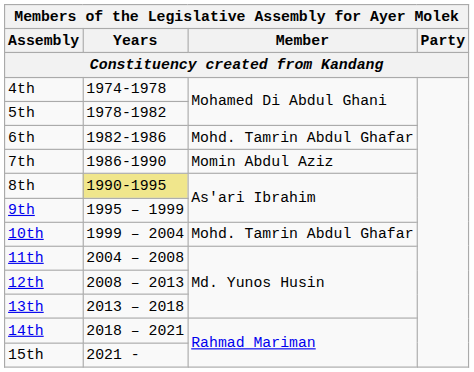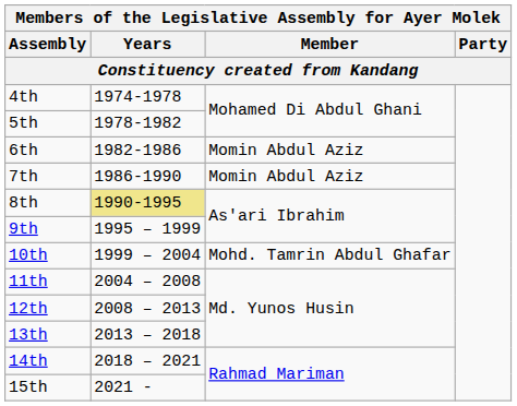 <table class="wikitable">
 <tr>
 <th colspan="4">Members of the Legislative Assembly for Ayer Molek</th>
 </tr>
 <tr>
 <th>Assembly</th>
 <th>Years</th>
 <th>Member</th>
 <th>Party</th>
 </tr>
 <tr>
 <th colspan="4" align="center"><em>Constituency created from Kandang</em></th>
 </tr>
 <tr>
 <td>4th</td>
 <td>1974-1978</td>
 <td rowspan="2">Mohamed Di Abdul Ghani</td>
 <td rowspan="12"></td>
 </tr>
 <tr>
 <td>5th</td>
 <td>1978-1982</td>
 </tr>
 <tr>
 <td>6th</td>
 <td>1982-1986</td>
-<td>Mohd. Tamrin Abdul Ghafar</td>
+<td>Momin Abdul Aziz</td>
 </tr>
 <tr>
 <td>7th</td>
 <td>1986-1990</td>
 <td>Momin Abdul Aziz</td>
 </tr>
 <tr>
 <td>8th</td>
 <td style="background: khaki;">1990-1995</td>
 <td rowspan="2">As'ari Ibrahim</td>
 </tr>
 <tr>
 <td><a href='#'>9th</a></td>
 <td>1995 – 1999</td>
 </tr>
 <tr>
 <td><a href='#'>10th</a></td>
 <td>1999 – 2004</td>
 <td>Mohd. Tamrin Abdul Ghafar</td>
 </tr>
 <tr>
 <td><a href='#'>11th</a></td>
 <td>2004 – 2008</td>
 <td rowspan="3">Md. Yunos Husin</td>
 </tr>
 <tr>
 <td><a href='#'>12th</a></td>
 <td>2008 – 2013</td>
 </tr>
 <tr>
 <td><a href='#'>13th</a></td>
 <td>2013 – 2018</td>
 </tr>
 <tr>
 <td><a href='#'>14th</a></td>
 <td>2018 – 2021</td>
 <td rowspan="2"><a href='#'>Rahmad Mariman</a></td>
 </tr>
 <tr>
 <td>15th</td>
 <td>2021 -</td>
 </tr>
 </table>
